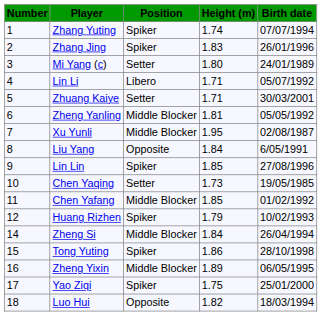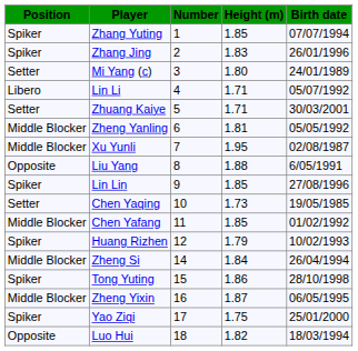 <table bgcolor="#f7f8ff" cellpadding="3" cellspacing="0" border="1" style="font-size: 95%; border: gray solid 1px; border-collapse: collapse;">
 <tr bgcolor="#009900">
+<td align=center><strong>Position</strong></td>
+<td align=center><strong>Player</strong></td>
 <td align=center><strong>Number</strong></td>
-<td align=center><strong>Player</strong></td>
-<td align=center><strong>Position</strong></td>
 <td align=center><strong>Height (m)</strong></td>
 <td align=center><strong>Birth date</strong></td>
 </tr>
 <tr align=left>
+<td>Spiker</td>
+<td> <a href='#'>Zhang Yuting</a></td>
 <td>1</td>
-<td> <a href='#'>Zhang Yuting</a></td>
-<td>Spiker</td>
-<td>1.74</td>
+<td>1.85</td>
 <td>07/07/1994</td>
 </tr>
 <tr align=left>
+<td>Spiker</td>
+<td> <a href='#'>Zhang Jing</a></td>
 <td>2</td>
-<td> <a href='#'>Zhang Jing</a></td>
-<td>Spiker</td>
 <td>1.83</td>
 <td>26/01/1996</td>
 </tr>
 <tr align=left>
+<td>Setter</td>
+<td> <a href='#'>Mi Yang</a> (<a href='#'>c</a>)</td>
 <td>3</td>
-<td> <a href='#'>Mi Yang</a> (<a href='#'>c</a>)</td>
-<td>Setter</td>
 <td>1.80</td>
 <td>24/01/1989</td>
 </tr>
 <tr align=left>
+<td>Libero</td>
+<td> <a href='#'>Lin Li</a></td>
 <td>4</td>
-<td> <a href='#'>Lin Li</a></td>
-<td>Libero</td>
 <td>1.71</td>
 <td>05/07/1992</td>
 </tr>
 <tr align=left>
+<td>Setter</td>
+<td> <a href='#'>Zhuang Kaiye</a></td>
 <td>5</td>
-<td> <a href='#'>Zhuang Kaiye</a></td>
-<td>Setter</td>
 <td>1.71</td>
 <td>30/03/2001</td>
 </tr>
 <tr align=left>
+<td>Middle Blocker</td>
+<td> <a href='#'>Zheng Yanling</a></td>
 <td>6</td>
-<td> <a href='#'>Zheng Yanling</a></td>
-<td>Middle Blocker</td>
 <td>1.81</td>
 <td>05/05/1992</td>
 </tr>
 <tr align="left">
+<td>Middle Blocker</td>
+<td> <a href='#'>Xu Yunli</a></td>
 <td>7</td>
-<td> <a href='#'>Xu Yunli</a></td>
-<td>Middle Blocker</td>
 <td>1.95</td>
 <td>02/08/1987</td>
 </tr>
 <tr align="left">
+<td>Opposite</td>
+<td> <a href='#'>Liu Yang</a></td>
 <td>8</td>
-<td> <a href='#'>Liu Yang</a></td>
-<td>Opposite</td>
-<td>1.84</td>
+<td>1.88</td>
 <td>6/05/1991</td>
 </tr>
 <tr align="left">
+<td>Spiker</td>
+<td> <a href='#'>Lin Lin</a></td>
 <td>9</td>
-<td> <a href='#'>Lin Lin</a></td>
-<td>Spiker</td>
 <td>1.85</td>
 <td>27/08/1996</td>
 </tr>
 <tr align="left">
+<td>Setter</td>
+<td> <a href='#'>Chen Yaqing</a></td>
 <td>10</td>
-<td> <a href='#'>Chen Yaqing</a></td>
-<td>Setter</td>
 <td>1.73</td>
 <td>19/05/1985</td>
 </tr>
 <tr align="left">
+<td>Middle Blocker</td>
+<td> <a href='#'>Chen Yafang</a></td>
 <td>11</td>
-<td> <a href='#'>Chen Yafang</a></td>
-<td>Middle Blocker</td>
 <td>1.85</td>
 <td>01/02/1992</td>
 </tr>
 <tr align="left">
+<td>Spiker</td>
+<td> <a href='#'>Huang Rizhen</a></td>
 <td>12</td>
-<td> <a href='#'>Huang Rizhen</a></td>
-<td>Spiker</td>
 <td>1.79</td>
 <td>10/02/1993</td>
 </tr>
 <tr align="left">
+<td>Middle Blocker</td>
+<td> <a href='#'>Zheng Si</a></td>
 <td>14</td>
-<td> <a href='#'>Zheng Si</a></td>
-<td>Middle Blocker</td>
 <td>1.84</td>
 <td>26/04/1994</td>
 </tr>
 <tr align="left">
+<td>Spiker</td>
+<td> <a href='#'>Tong Yuting</a></td>
 <td>15</td>
-<td> <a href='#'>Tong Yuting</a></td>
-<td>Spiker</td>
 <td>1.86</td>
 <td>28/10/1998</td>
 </tr>
 <tr align="left">
+<td>Middle Blocker</td>
+<td> <a href='#'>Zheng Yixin</a></td>
 <td>16</td>
-<td> <a href='#'>Zheng Yixin</a></td>
-<td>Middle Blocker</td>
-<td>1.89</td>
+<td>1.87</td>
 <td>06/05/1995</td>
 </tr>
 <tr align="left">
+<td>Spiker</td>
+<td> <a href='#'>Yao Ziqi</a></td>
 <td>17</td>
-<td> <a href='#'>Yao Ziqi</a></td>
-<td>Spiker</td>
 <td>1.75</td>
 <td>25/01/2000</td>
 </tr>
 <tr align="left">
+<td>Opposite</td>
+<td> <a href='#'>Luo Hui</a></td>
 <td>18</td>
-<td> <a href='#'>Luo Hui</a></td>
-<td>Opposite</td>
 <td>1.82</td>
 <td>18/03/1994</td>
 </tr>
 </table>
